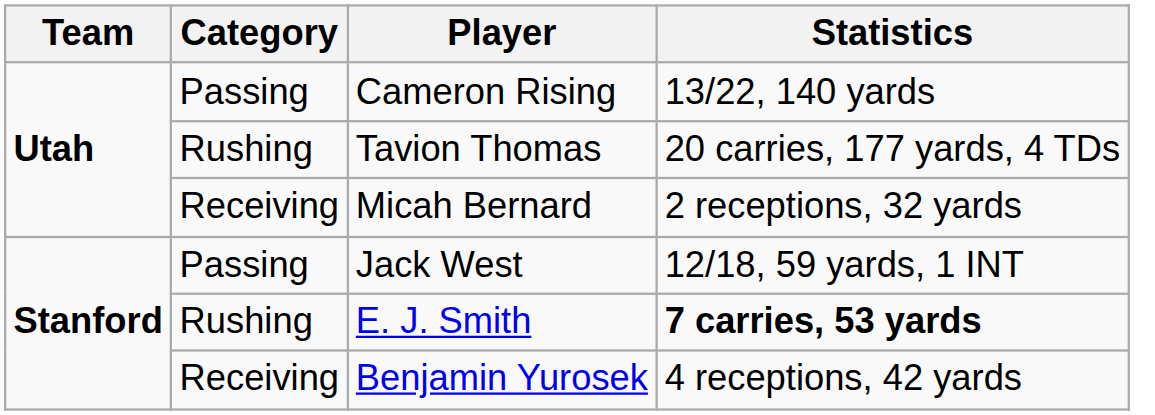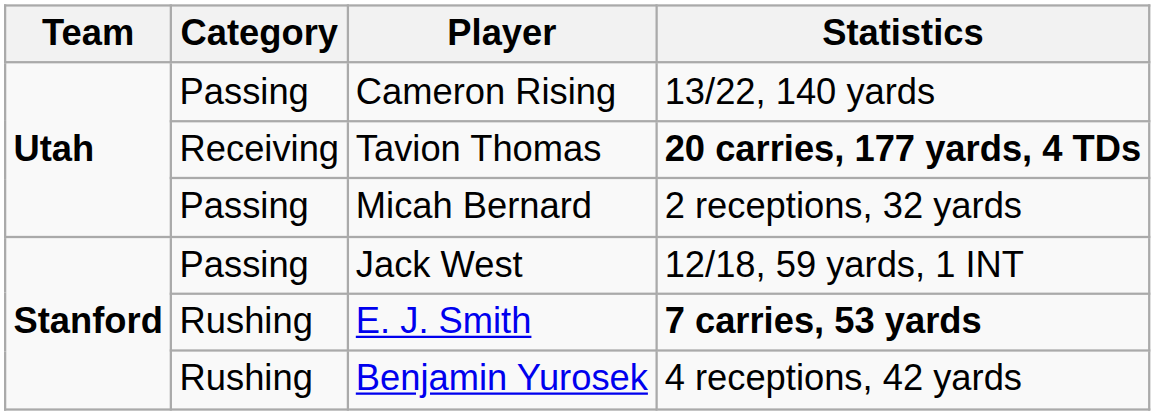 <table class="wikitable" style="float: left;">
 <tr>
 <th>Team</th>
 <th>Category</th>
 <th>Player</th>
 <th>Statistics</th>
 </tr>
 <tr>
 <td rowspan=3><strong>Utah</strong></td>
 <td>Passing</td>
 <td>Cameron Rising</td>
 <td>13/22, 140 yards</td>
 </tr>
 <tr>
-<td>Rushing</td>
+<td>Receiving</td>
 <td>Tavion Thomas</td>
-<td>20 carries, 177 yards, 4 TDs</td>
+<td><strong>20 carries, 177 yards, 4 TDs</strong></td>
 </tr>
 <tr>
-<td>Receiving</td>
+<td>Passing</td>
 <td>Micah Bernard</td>
 <td>2 receptions, 32 yards</td>
 </tr>
 <tr>
 <td rowspan=3><strong>Stanford</strong></td>
 <td>Passing</td>
 <td>Jack West</td>
 <td>12/18, 59 yards, 1 INT</td>
 </tr>
 <tr>
 <td>Rushing</td>
 <td><a href='#'>E. J. Smith</a></td>
 <td><strong>7 carries, 53 yards</strong></td>
 </tr>
 <tr>
-<td>Receiving</td>
+<td>Rushing</td>
 <td><a href='#'>Benjamin Yurosek</a></td>
 <td>4 receptions, 42 yards</td>
 </tr>
 </table>
